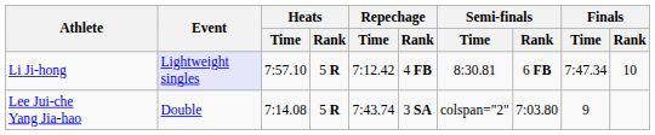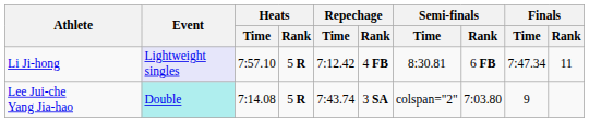 <table class="wikitable" style="font-size:90%; text-align:center">
 <tr>
 <th rowspan="2" width="150">Athlete</th>
 <th rowspan="2" width="100">Event</th>
 <th colspan="2">Heats</th>
 <th colspan="2">Repechage</th>
 <th colspan="2">Semi-finals</th>
 <th colspan="2">Finals</th>
 </tr>
 <tr>
 <th>Time</th>
 <th>Rank</th>
 <th>Time</th>
 <th>Rank</th>
 <th>Time</th>
 <th>Rank</th>
 <th>Time</th>
 <th>Rank</th>
 </tr>
 <tr>
 <td align="left"><a href='#'>Li Ji-hong</a></td>
 <td align="left" style="background: lavender;"><a href='#'>Lightweight singles</a></td>
 <td>7:57.10</td>
 <td>5 <strong>R</strong></td>
 <td>7:12.42</td>
 <td>4 <strong>FB</strong></td>
 <td>8:30.81</td>
 <td>6 <strong>FB</strong></td>
 <td>7:47.34</td>
-<td>10</td>
+<td>11</td>
 </tr>
 <tr>
 <td align="left"><a href='#'>Lee Jui-che</a><br><a href='#'>Yang Jia-hao</a></td>
-<td align="left"><a href='#'>Double</a></td>
+<td align="left" style="background: paleturquoise;"><a href='#'>Double</a></td>
 <td>7:14.08</td>
 <td>5 <strong>R</strong></td>
 <td>7:43.74</td>
 <td>3 <strong>SA</strong></td>
 <td>colspan="2" </td>
 <td>7:03.80</td>
 <td>9</td>
 </tr>
 </table>
